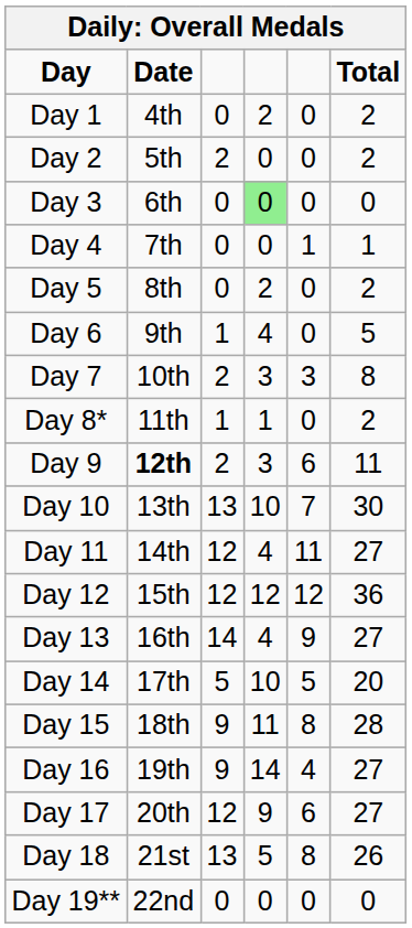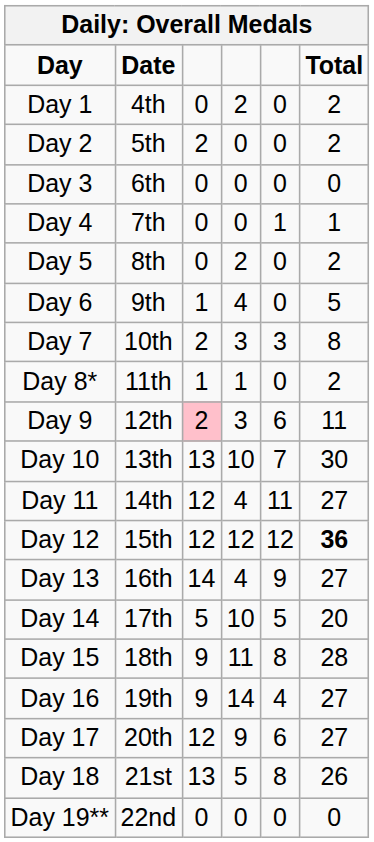 <table class="wikitable" style="font-size:100%" align="left">
 <tr bgcolor="#efefef">
 <th colspan=10><strong>Daily: Overall Medals</strong></th>
 </tr>
 <tr style="text-align:center;">
 <td><strong>Day</strong></td>
 <td><strong>Date</strong></td>
 <td></td>
 <td></td>
 <td></td>
 <td><strong>Total</strong></td>
 </tr>
 <tr style="text-align:center;">
 <td>Day 1</td>
 <td>4th</td>
 <td>0</td>
 <td>2</td>
 <td>0</td>
 <td>2</td>
 </tr>
 <tr style="text-align:center;">
 <td>Day 2</td>
 <td>5th</td>
 <td>2</td>
 <td>0</td>
 <td>0</td>
 <td>2</td>
 </tr>
 <tr style="text-align:center;">
 <td>Day 3</td>
 <td>6th</td>
 <td>0</td>
-<td style="background: lightgreen;">0</td>
+<td>0</td>
 <td>0</td>
 <td>0</td>
 </tr>
 <tr style="text-align:center;">
 <td>Day 4</td>
 <td>7th</td>
 <td>0</td>
 <td>0</td>
 <td>1</td>
 <td>1</td>
 </tr>
 <tr style="text-align:center;">
 <td>Day 5</td>
 <td>8th</td>
 <td>0</td>
 <td>2</td>
 <td>0</td>
 <td>2</td>
 </tr>
 <tr style="text-align:center;">
 <td>Day 6</td>
 <td>9th</td>
 <td>1</td>
 <td>4</td>
 <td>0</td>
 <td>5</td>
 </tr>
 <tr style="text-align:center;">
 <td>Day 7</td>
 <td>10th</td>
 <td>2</td>
 <td>3</td>
 <td>3</td>
 <td>8</td>
 </tr>
 <tr style="text-align:center;">
 <td>Day 8*</td>
 <td>11th</td>
 <td>1</td>
 <td>1</td>
 <td>0</td>
 <td>2</td>
 </tr>
 <tr style="text-align:center;">
 <td>Day 9</td>
-<td><strong>12th</strong></td>
-<td>2</td>
+<td>12th</td>
+<td style="background: pink;">2</td>
 <td>3</td>
 <td>6</td>
 <td>11</td>
 </tr>
 <tr style="text-align:center;">
 <td>Day 10</td>
 <td>13th</td>
 <td>13</td>
 <td>10</td>
 <td>7</td>
 <td>30</td>
 </tr>
 <tr style="text-align:center;">
 <td>Day 11</td>
 <td>14th</td>
 <td>12</td>
 <td>4</td>
 <td>11</td>
 <td>27</td>
 </tr>
 <tr style="text-align:center;">
 <td>Day 12</td>
 <td>15th</td>
 <td>12</td>
 <td>12</td>
 <td>12</td>
-<td>36</td>
+<td><strong>36</strong></td>
 </tr>
 <tr style="text-align:center;">
 <td>Day 13</td>
 <td>16th</td>
 <td>14</td>
 <td>4</td>
 <td>9</td>
 <td>27</td>
 </tr>
 <tr style="text-align:center;">
 <td>Day 14</td>
 <td>17th</td>
 <td>5</td>
 <td>10</td>
 <td>5</td>
 <td>20</td>
 </tr>
 <tr style="text-align:center;">
 <td>Day 15</td>
 <td>18th</td>
 <td>9</td>
 <td>11</td>
 <td>8</td>
 <td>28</td>
 </tr>
 <tr style="text-align:center;">
 <td>Day 16</td>
 <td>19th</td>
 <td>9</td>
 <td>14</td>
 <td>4</td>
 <td>27</td>
 </tr>
 <tr style="text-align:center;">
 <td>Day 17</td>
 <td>20th</td>
 <td>12</td>
 <td>9</td>
 <td>6</td>
 <td>27</td>
 </tr>
 <tr style="text-align:center;">
 <td>Day 18</td>
 <td>21st</td>
 <td>13</td>
 <td>5</td>
 <td>8</td>
 <td>26</td>
 </tr>
 <tr style="text-align:center;">
 <td>Day 19**</td>
 <td>22nd</td>
 <td>0</td>
 <td>0</td>
 <td>0</td>
 <td>0</td>
 </tr>
 </table>
